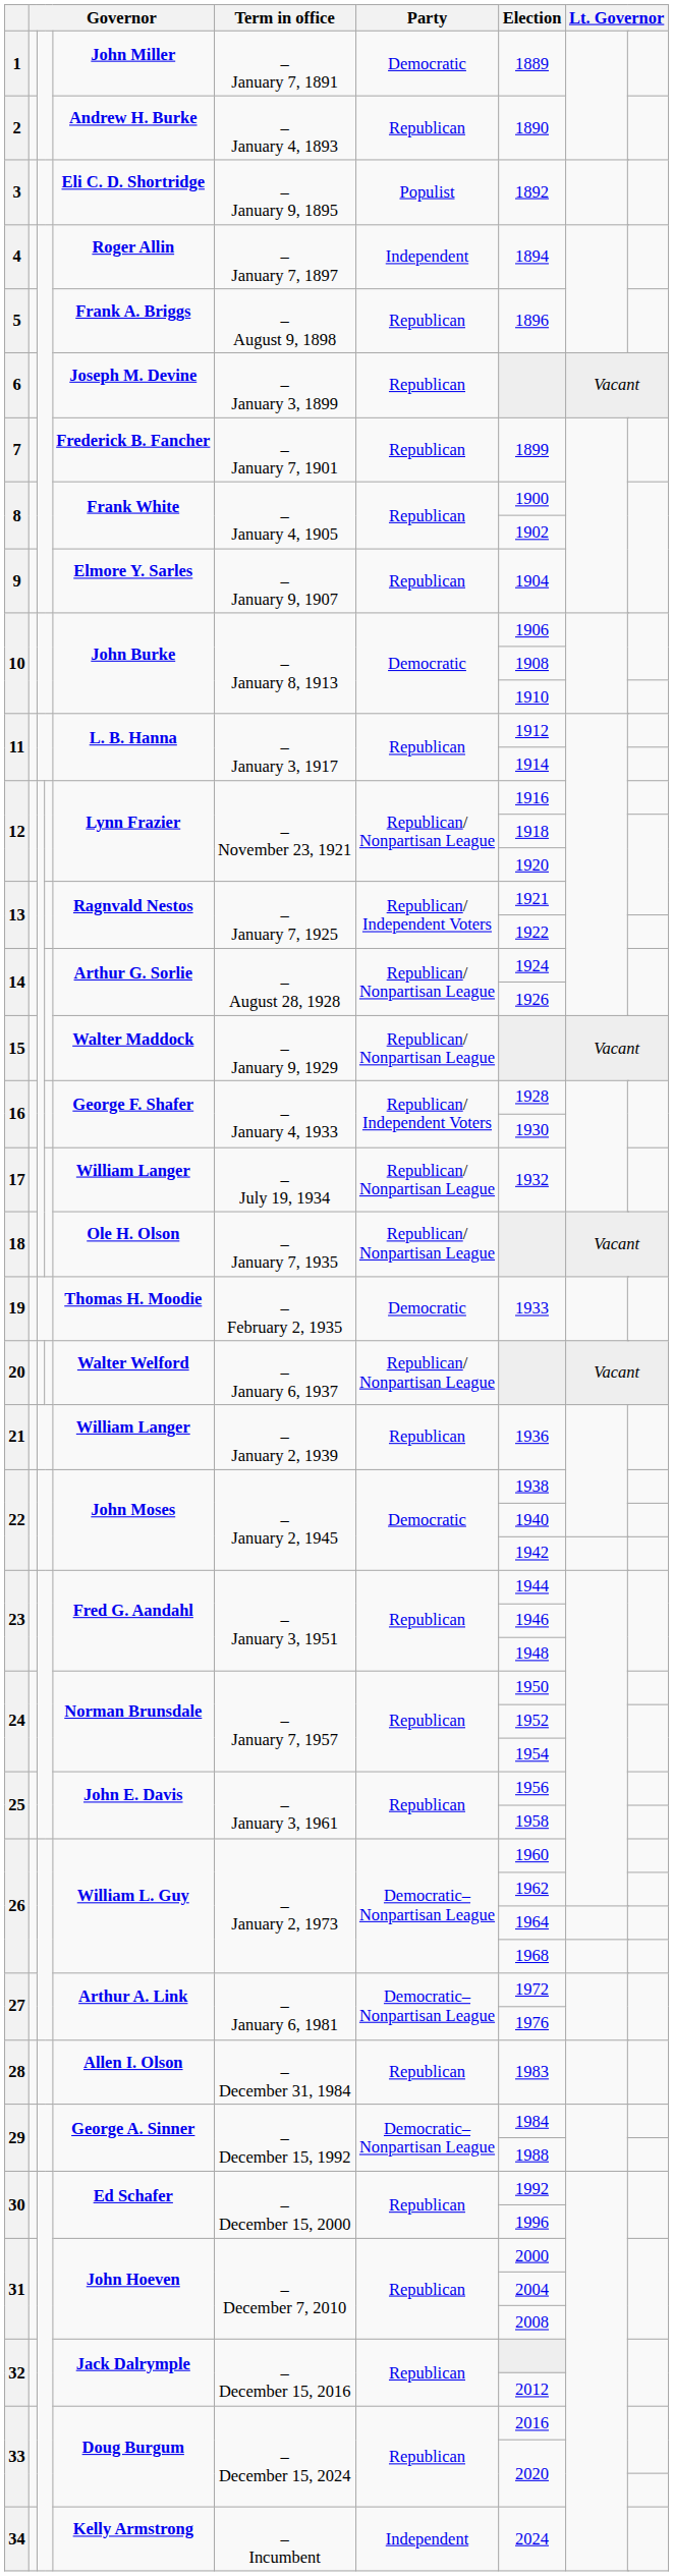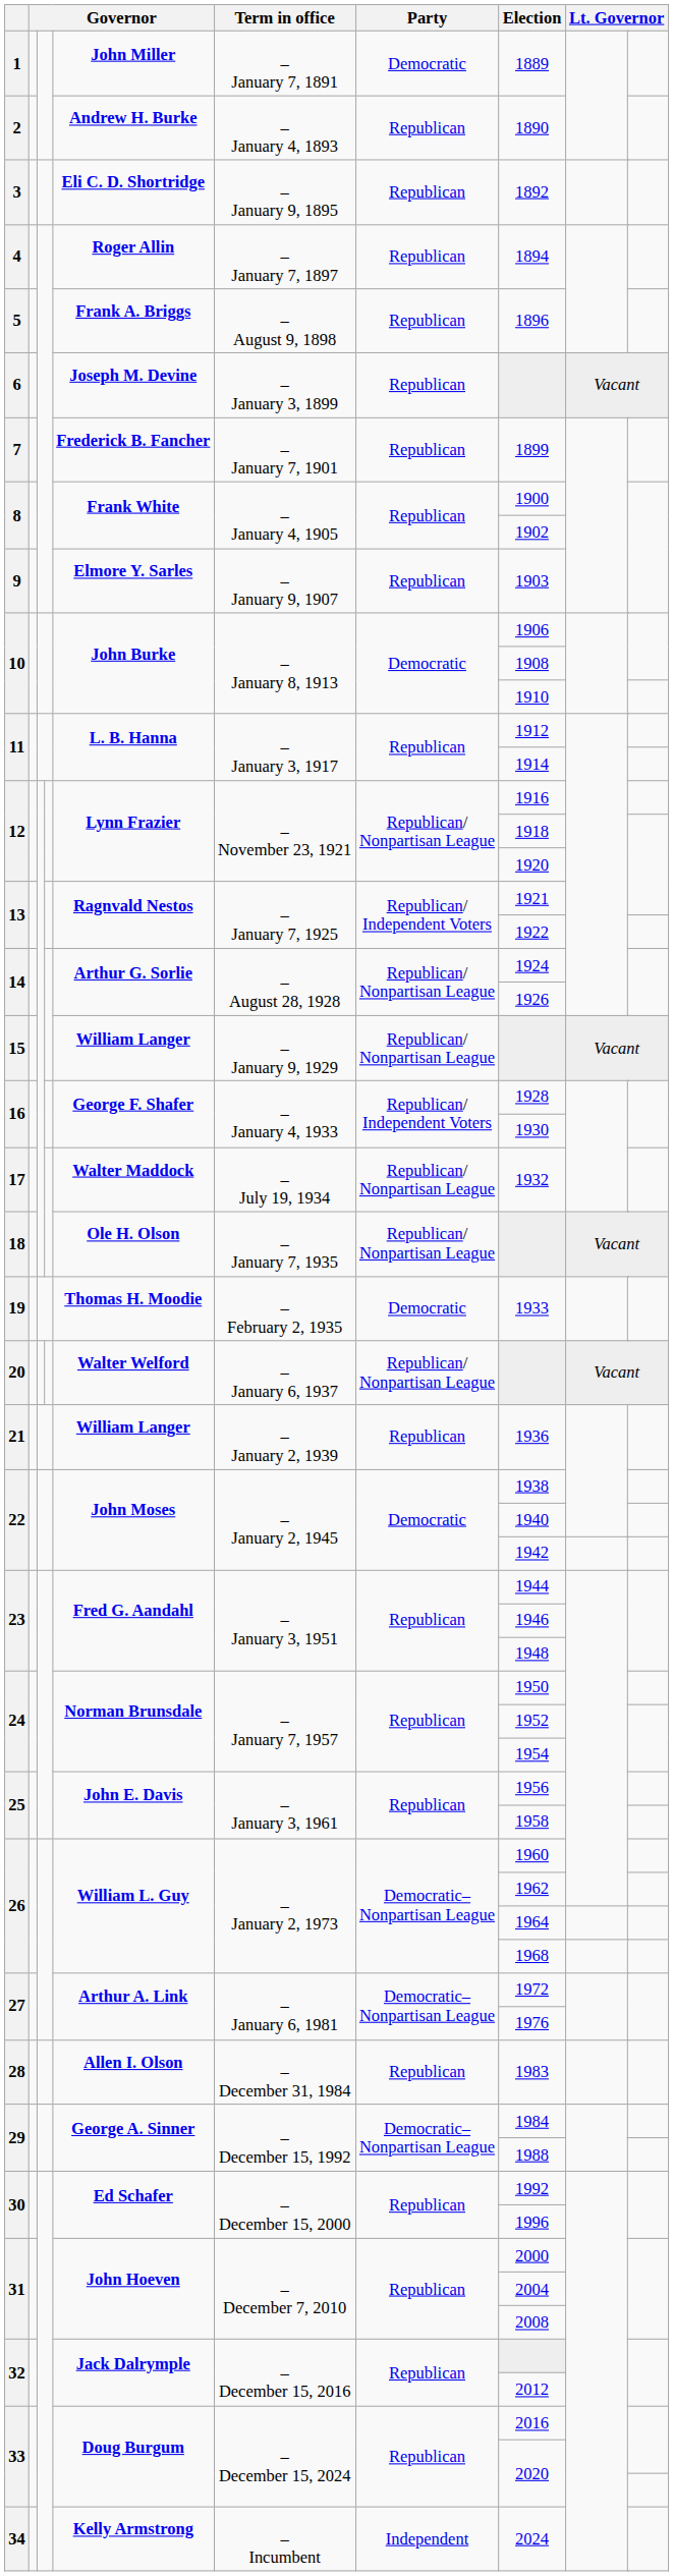 <table class="wikitable sortable mw-collapsible sticky-header-multi" style="text-align:center;">
 <tr>
 <th scope="col" data-sort-type="number"></th>
 <th scope="colgroup" colspan="4">Governor</th>
 <th scope="col">Term in office</th>
 <th scope="col">Party</th>
 <th scope="col">Election</th>
 <th scope="colgroup" colspan="3"><a href='#'>Lt. Governor</a></th>
 </tr>
 <tr style="height:2em;">
 <th scope="row">1</th>
 <td data-sort-value="Miller, John"></td>
 <td rowspan="2" colspan="2" style="background: "> </td>
 <td><strong><a href='#'>John Miller</a></strong><br><br></td>
 <td><br>–<br>January 7, 1891<br></td>
 <td><a href='#'>Democratic</a></td>
 <td><a href='#'>1889</a></td>
 <td rowspan="2" colspan="2" style="background: "> </td>
 <td></td>
 </tr>
 <tr style="height:2em;">
 <th scope="row">2</th>
 <td data-sort-value="Burke, Andrew"></td>
 <td><strong><a href='#'>Andrew H. Burke</a></strong><br><br></td>
 <td><br>–<br>January 4, 1893<br></td>
 <td><a href='#'>Republican</a></td>
 <td><a href='#'>1890</a></td>
 <td></td>
 </tr>
 <tr style="height:2em;">
 <th scope="row">3</th>
 <td data-sort-value="Shortridge, Eli"></td>
 <td colspan="2" style="background: "></td>
 <td><strong><a href='#'>Eli C. D. Shortridge</a></strong><br><br></td>
 <td><br>–<br>January 9, 1895<br></td>
-<td><a href='#'>Populist</a></td>
+<td><a href='#'>Republican</a></td>
 <td><a href='#'>1892</a></td>
 <td colspan="2" style="background: "></td>
 <td></td>
 </tr>
 <tr style="height:2em;">
 <th scope="row">4</th>
 <td data-sort-value="Allin, Roger"></td>
 <td colspan="2" rowspan="7" style="background: "></td>
 <td><strong><a href='#'>Roger Allin</a></strong><br><br></td>
 <td><br>–<br>January 7, 1897<br></td>
-<td><a href='#'>Independent</a></td>
+<td><a href='#'>Republican</a></td>
 <td><a href='#'>1894</a></td>
 <td colspan="2" rowspan="2" style="background: "></td>
 <td></td>
 </tr>
 <tr style="height:2em;">
 <th scope="row">5</th>
 <td data-sort-value="Briggs, Frank"></td>
 <td><strong><a href='#'>Frank A. Briggs</a></strong><br><br></td>
 <td><br>–<br>August 9, 1898<br></td>
 <td><a href='#'>Republican</a></td>
 <td><a href='#'>1896</a></td>
 <td></td>
 </tr>
 <tr style="height:2em;">
 <th scope="row">6</th>
 <td data-sort-value="Devine, Joseph"></td>
 <td><strong><a href='#'>Joseph M. Devine</a></strong><br><br></td>
 <td><br>–<br>January 3, 1899<br></td>
 <td><a href='#'>Republican</a></td>
 <td style="background:#EEEEEE"></td>
 <td colspan="3" style="background:#EEEEEE;"><em>Vacant</em></td>
 </tr>
 <tr style="height:2em;">
 <th scope="row">7</th>
 <td data-sort-value="Fancher, Frederick"></td>
 <td><strong><a href='#'>Frederick B. Fancher</a></strong><br><br></td>
 <td><br>–<br>January 7, 1901<br></td>
 <td><a href='#'>Republican</a></td>
 <td><a href='#'>1899</a></td>
 <td colspan="2" rowspan="4" style="background: "></td>
 <td></td>
 </tr>
 <tr style="height:2em;">
 <th rowspan="2" scope="rowgroup">8</th>
 <td rowspan="2" data-sort-value="White, Frank"></td>
 <td rowspan="2"><strong><a href='#'>Frank White</a></strong><br><br></td>
 <td rowspan="2"><br>–<br>January 4, 1905<br></td>
 <td rowspan="2"><a href='#'>Republican</a></td>
 <td><a href='#'>1900</a></td>
 <td rowspan="3"></td>
 </tr>
 <tr style="height:2em;">
 <td><a href='#'>1902</a></td>
 </tr>
 <tr style="height:2em;">
 <th scope="row">9</th>
 <td data-sort-value="Sarles, Elmore"></td>
 <td><strong><a href='#'>Elmore Y. Sarles</a></strong><br><br></td>
 <td><br>–<br>January 9, 1907<br></td>
 <td><a href='#'>Republican</a></td>
-<td><a href='#'>1904</a></td>
+<td><a href='#'>1903</a></td>
 </tr>
 <tr style="height:2em;">
 <th rowspan="3" scope="rowgroup">10</th>
 <td rowspan="3" data-sort-value="Burke, John"></td>
 <td colspan="2" rowspan="3" style="background: "></td>
 <td rowspan="3"><strong><a href='#'>John Burke</a></strong><br><br></td>
 <td rowspan="3"><br>–<br>January 8, 1913<br></td>
 <td rowspan="3"><a href='#'>Democratic</a></td>
 <td><a href='#'>1906</a></td>
 <td colspan="2" rowspan="3" style="background: "></td>
 <td rowspan="2"></td>
 </tr>
 <tr style="height:2em;">
 <td><a href='#'>1908</a></td>
 </tr>
 <tr style="height:2em;">
 <td><a href='#'>1910</a></td>
 <td></td>
 </tr>
 <tr style="height:2em;">
 <th rowspan="2" scope="rowgroup">11</th>
 <td rowspan="2" data-sort-value="Hanna, L.B."></td>
 <td colspan="2" rowspan="2" style="background: "></td>
 <td rowspan="2"><strong><a href='#'>L. B. Hanna</a></strong><br><br></td>
 <td rowspan="2"><br>–<br>January 3, 1917<br></td>
 <td rowspan="2"><a href='#'>Republican</a></td>
 <td><a href='#'>1912</a></td>
 <td colspan="2" rowspan="9" style="background: "></td>
 <td></td>
 </tr>
 <tr style="height:2em;">
 <td><a href='#'>1914</a></td>
 <td></td>
 </tr>
 <tr style="height:2em;">
 <th rowspan="3" scope="rowgroup">12</th>
 <td rowspan="3" data-sort-value="Frazier, Lynn"></td>
 <td rowspan="12" style="background: "></td>
 <td rowspan="3" style="background: "></td>
 <td rowspan="3"><strong><a href='#'>Lynn Frazier</a></strong><br><br></td>
 <td rowspan="3"><br>–<br>November 23, 1921<br></td>
 <td rowspan="3"><a href='#'>Republican</a>/<br><a href='#'>Nonpartisan League</a></td>
 <td><a href='#'>1916</a></td>
 <td></td>
 </tr>
 <tr style="height:2em;">
 <td><a href='#'>1918</a></td>
 <td rowspan="3"></td>
 </tr>
 <tr style="height:2em;">
 <td><a href='#'>1920</a></td>
 </tr>
 <tr style="height:2em;">
 <th rowspan="2" scope="rowgroup">13</th>
 <td rowspan="2" data-sort-value="Nestos, Ragnvald"></td>
 <td rowspan="2" style="background: "></td>
 <td rowspan="2"><strong><a href='#'>Ragnvald Nestos</a></strong><br><br></td>
 <td rowspan="2"><br>–<br>January 7, 1925<br></td>
 <td rowspan="2"><a href='#'>Republican</a>/<br><a href='#'>Independent Voters</a></td>
 <td><a href='#'>1921</a><br></td>
 </tr>
 <tr style="height:2em;">
 <td><a href='#'>1922</a></td>
 <td></td>
 </tr>
 <tr style="height:2em;">
 <th rowspan="2" scope="rowgroup">14</th>
 <td rowspan="2" data-sort-value="Sorlie, Arthur"></td>
 <td rowspan="3" style="background: "></td>
 <td rowspan="2"><strong><a href='#'>Arthur G. Sorlie</a></strong><br><br></td>
 <td rowspan="2"><br>–<br>August 28, 1928<br></td>
 <td rowspan="2"><a href='#'>Republican</a>/<br><a href='#'>Nonpartisan League</a></td>
 <td><a href='#'>1924</a></td>
 <td rowspan="2"></td>
 </tr>
 <tr style="height:2em;">
 <td><a href='#'>1926</a></td>
 </tr>
 <tr style="height:2em;">
 <th scope="row">15</th>
 <td data-sort-value="Maddock, Walter"></td>
-<td><strong><a href='#'>Walter Maddock</a></strong><br><br></td>
+<td><strong><a href='#'>William Langer</a></strong><br><br></td>
 <td><br>–<br>January 9, 1929<br></td>
 <td><a href='#'>Republican</a>/<br><a href='#'>Nonpartisan League</a></td>
 <td style="background:#EEEEEE"></td>
 <td colspan="3" style="background:#EEEEEE;"><em>Vacant</em></td>
 </tr>
 <tr style="height:2em;">
 <th rowspan="2" scope="rowgroup">16</th>
 <td rowspan="2" data-sort-value="Shafer, George"></td>
 <td rowspan="2" style="background: "></td>
 <td rowspan="2"><strong><a href='#'>George F. Shafer</a></strong><br><br></td>
 <td rowspan="2"><br>–<br>January 4, 1933<br></td>
 <td rowspan="2"><a href='#'>Republican</a>/<br><a href='#'>Independent Voters</a></td>
 <td><a href='#'>1928</a></td>
 <td colspan="2" rowspan="3" style="background: "></td>
 <td rowspan="2"></td>
 </tr>
 <tr style="height:2em;">
 <td><a href='#'>1930</a></td>
 </tr>
 <tr style="height:2em;">
 <th scope="row">17</th>
 <td data-sort-value="Langer, William"></td>
 <td rowspan="2" style="background: "></td>
-<td><strong><a href='#'>William Langer</a></strong><br><br></td>
+<td><strong><a href='#'>Walter Maddock</a></strong><br><br></td>
 <td><br>–<br>July 19, 1934<br></td>
 <td><a href='#'>Republican</a>/<br><a href='#'>Nonpartisan League</a></td>
 <td><a href='#'>1932</a></td>
 <td></td>
 </tr>
 <tr style="height:2em;">
 <th scope="row">18</th>
 <td data-sort-value="Olson, Ole"></td>
 <td><strong><a href='#'>Ole H. Olson</a></strong><br><br></td>
 <td><br>–<br>January 7, 1935<br></td>
 <td><a href='#'>Republican</a>/<br><a href='#'>Nonpartisan League</a></td>
 <td style="background:#EEEEEE"></td>
 <td colspan="3" style="background:#EEEEEE;"><em>Vacant</em></td>
 </tr>
 <tr style="height:2em;">
 <th scope="row">19</th>
 <td data-sort-value="Moodie, Thomas"></td>
 <td colspan="2" style="background: "></td>
 <td><strong><a href='#'>Thomas H. Moodie</a></strong><br><br></td>
 <td><br>–<br>February 2, 1935<br></td>
 <td><a href='#'>Democratic</a></td>
 <td><a href='#'>1933</a></td>
 <td colspan="2" style="background: "></td>
 <td></td>
 </tr>
 <tr style="height:2em;">
 <th scope="row">20</th>
 <td data-sort-value="Welford, Walter"></td>
 <td style="background: "></td>
 <td style="background: "></td>
 <td><strong><a href='#'>Walter Welford</a></strong><br><br></td>
 <td><br>–<br>January 6, 1937<br></td>
 <td><a href='#'>Republican</a>/<br><a href='#'>Nonpartisan League</a></td>
 <td style="background:#EEEEEE"></td>
 <td colspan="3" style="background:#EEEEEE;"><em>Vacant</em></td>
 </tr>
 <tr style="height:2em;">
 <th scope="row">21</th>
 <td data-sort-value="Langer, William"></td>
 <td colspan="2" style="background:"></td>
 <td><strong><a href='#'>William Langer</a></strong><br><br></td>
 <td><br>–<br>January 2, 1939<br></td>
 <td><a href='#'>Republican</a></td>
 <td><a href='#'>1936</a></td>
 <td colspan="2" rowspan="3" style="background: "></td>
 <td></td>
 </tr>
 <tr style="height:2em;">
 <th rowspan="3" scope="rowgroup">22</th>
 <td rowspan="3" data-sort-value="Moses, John"></td>
 <td colspan="2" rowspan="3" style="background: "></td>
 <td rowspan="3"><strong><a href='#'>John Moses</a></strong><br><br></td>
 <td rowspan="3"><br>–<br>January 2, 1945<br></td>
 <td rowspan="3"><a href='#'>Democratic</a></td>
 <td><a href='#'>1938</a></td>
 <td></td>
 </tr>
 <tr style="height:2em;">
 <td><a href='#'>1940</a></td>
 <td></td>
 </tr>
 <tr style="height:2em;">
 <td><a href='#'>1942</a></td>
 <td colspan="2" style="background: "></td>
 <td></td>
 </tr>
 <tr style="height:2em;">
 <th rowspan="3" scope="rowgroup">23</th>
 <td rowspan="3" data-sort-value="Aandahl, Fred"></td>
 <td colspan="2" rowspan="8" style="background: "></td>
 <td rowspan="3"><strong><a href='#'>Fred G. Aandahl</a></strong><br><br></td>
 <td rowspan="3"><br>–<br>January 3, 1951<br></td>
 <td rowspan="3"><a href='#'>Republican</a></td>
 <td><a href='#'>1944</a></td>
 <td colspan="2" rowspan="10" style="background: "></td>
 <td rowspan="3"></td>
 </tr>
 <tr style="height:2em;">
 <td><a href='#'>1946</a></td>
 </tr>
 <tr style="height:2em;">
 <td><a href='#'>1948</a></td>
 </tr>
 <tr style="height:2em;">
 <th rowspan="3" scope="rowgroup">24</th>
 <td rowspan="3" data-sort-value="Brunsdale, Norman"></td>
 <td rowspan="3"><strong><a href='#'>Norman Brunsdale</a></strong><br><br></td>
 <td rowspan="3"><br>–<br>January 7, 1957<br></td>
 <td rowspan="3"><a href='#'>Republican</a></td>
 <td><a href='#'>1950</a></td>
 <td></td>
 </tr>
 <tr style="height:2em;">
 <td><a href='#'>1952</a></td>
 <td rowspan="2"></td>
 </tr>
 <tr style="height:2em;">
 <td><a href='#'>1954</a></td>
 </tr>
 <tr style="height:2em;">
 <th rowspan="2" scope="rowgroup">25</th>
 <td rowspan="2" data-sort-value="Davis, John"></td>
 <td rowspan="2"><strong><a href='#'>John E. Davis</a></strong><br><br></td>
 <td rowspan="2"><br>–<br>January 3, 1961<br></td>
 <td rowspan="2"><a href='#'>Republican</a></td>
 <td><a href='#'>1956</a></td>
 <td></td>
 </tr>
 <tr style="height:2em;">
 <td><a href='#'>1958</a></td>
 <td></td>
 </tr>
 <tr style="height:2em;">
 <th rowspan="4" scope="rowgroup">26</th>
 <td rowspan="4" data-sort-value="Guy, William"></td>
 <td colspan="2" rowspan="6" style="background: "></td>
 <td rowspan="4"><strong><a href='#'>William L. Guy</a></strong><br><br></td>
 <td rowspan="4"><br>–<br>January 2, 1973<br></td>
 <td rowspan="4"><a href='#'>Democratic–<br>Nonpartisan League</a></td>
 <td><a href='#'>1960</a></td>
 <td></td>
 </tr>
 <tr style="height:2em;">
 <td><a href='#'>1962</a></td>
 <td></td>
 </tr>
 <tr style="height:2em;">
 <td><a href='#'>1964</a></td>
 <td colspan="2" style="background: "></td>
 <td></td>
 </tr>
 <tr style="height:2em;">
 <td><a href='#'>1968</a></td>
 <td colspan="2" style="background: "></td>
 <td></td>
 </tr>
 <tr style="height:2em;">
 <th rowspan="2" scope="rowgroup">27</th>
 <td rowspan="2" data-sort-value="Link, Arthur"></td>
 <td rowspan="2"><strong><a href='#'>Arthur A. Link</a></strong><br><br></td>
 <td rowspan="2"><br>–<br>January 6, 1981<br></td>
 <td rowspan="2"><a href='#'>Democratic–<br>Nonpartisan League</a></td>
 <td><a href='#'>1972</a></td>
 <td colspan="2" rowspan="2" style="background: "></td>
 <td rowspan="2"></td>
 </tr>
 <tr style="height:2em;">
 <td><a href='#'>1976</a></td>
 </tr>
 <tr style="height:2em;">
 <th scope="row">28</th>
 <td data-sort-value="Olson, Allen"></td>
 <td colspan="2" style="background: "></td>
 <td><strong><a href='#'>Allen I. Olson</a></strong><br><br></td>
 <td><br>–<br>December 31, 1984<br></td>
 <td><a href='#'>Republican</a></td>
 <td><a href='#'>1983</a></td>
 <td colspan="2" style="background: "></td>
 <td></td>
 </tr>
 <tr style="height:2em;">
 <th rowspan="2" scope="rowgroup">29</th>
 <td rowspan="2" data-sort-value="Sinner, George"></td>
 <td colspan="2" rowspan="2" style="background: "></td>
 <td rowspan="2"><strong><a href='#'>George A. Sinner</a></strong><br><br></td>
 <td rowspan="2"><br>–<br>December 15, 1992<br></td>
 <td rowspan="2"><a href='#'>Democratic–<br>Nonpartisan League</a></td>
 <td><a href='#'>1984</a></td>
 <td colspan="2" rowspan="2" style="background: "></td>
 <td></td>
 </tr>
 <tr style="height:2em;">
 <td><a href='#'>1988</a></td>
 <td></td>
 </tr>
 <tr style="height:2em;">
 <th rowspan="2" scope="rowgroup">30</th>
 <td rowspan="2" data-sort-value="Schafer, Ed"></td>
 <td colspan="2" rowspan="11" style="background: "></td>
 <td rowspan="2"><strong><a href='#'>Ed Schafer</a></strong><br><br></td>
 <td rowspan="2"><br>–<br>December 15, 2000<br></td>
 <td rowspan="2"><a href='#'>Republican</a></td>
 <td><a href='#'>1992</a></td>
 <td colspan="2" rowspan="11" style="background: "></td>
 <td rowspan="2"></td>
 </tr>
 <tr style="height:2em;">
 <td><a href='#'>1996</a></td>
 </tr>
 <tr style="height:2em;">
 <th rowspan="3" scope="rowgroup">31</th>
 <td rowspan="3" data-sort-value="Hoeven, John"></td>
 <td rowspan="3"><strong><a href='#'>John Hoeven</a></strong><br><br></td>
 <td rowspan="3"><br>–<br>December 7, 2010<br></td>
 <td rowspan="3"><a href='#'>Republican</a></td>
 <td><a href='#'>2000</a></td>
 <td rowspan="3"></td>
 </tr>
 <tr style="height:2em;">
 <td><a href='#'>2004</a></td>
 </tr>
 <tr style="height:2em;">
 <td><a href='#'>2008</a></td>
 </tr>
 <tr style="height:2em;">
 <th rowspan="2" scope="rowgroup">32</th>
 <td rowspan="2" data-sort-value="Dalrymple, Jack"></td>
 <td rowspan="2"><strong><a href='#'>Jack Dalrymple</a></strong><br><br></td>
 <td rowspan="2"><br>–<br>December 15, 2016<br></td>
 <td rowspan="2"><a href='#'>Republican</a></td>
 <td style="background:#EEEEEE"></td>
 <td rowspan="2"></td>
 </tr>
 <tr style="height:2em;">
 <td><a href='#'>2012</a></td>
 </tr>
 <tr style="height:2em;">
 <th rowspan="3" scope="rowgroup">33</th>
 <td rowspan="3" data-sort-value="Burgum, Doug"></td>
 <td rowspan="3"><strong><a href='#'>Doug Burgum</a></strong><br><br></td>
 <td rowspan="3"><br>–<br>December 15, 2024<br></td>
 <td rowspan="3"><a href='#'>Republican</a></td>
 <td><a href='#'>2016</a></td>
 <td rowspan="2"></td>
 </tr>
 <tr style="height:2em;">
 <td rowspan="2"><a href='#'>2020</a></td>
 </tr>
 <tr style="height:2em;">
 <td></td>
 </tr>
 <tr style="height:2em;">
 <th scope="row">34</th>
 <td data-sort-value="Armstrong, Kelly"></td>
 <td><strong><a href='#'>Kelly Armstrong</a></strong><br><br></td>
 <td><br>–<br>Incumbent</td>
 <td><a href='#'>Independent</a></td>
 <td><a href='#'>2024</a></td>
 <td></td>
 </tr>
 </table>
